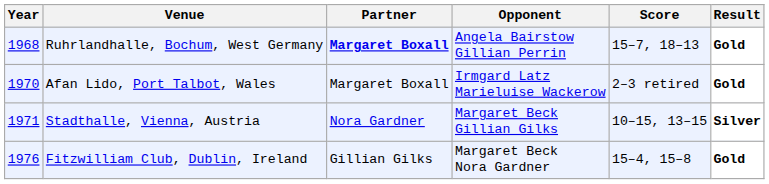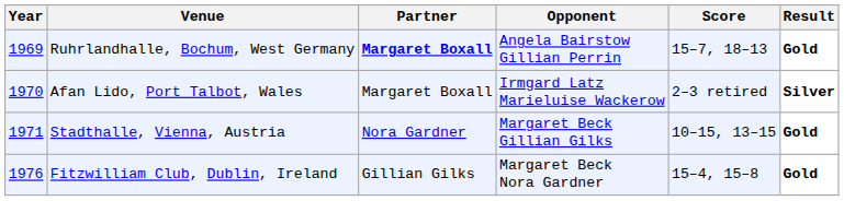 <table class="sortable wikitable" style="font-size: 90%;">
 <tr>
 <th>Year</th>
 <th>Venue</th>
 <th>Partner</th>
 <th>Opponent</th>
 <th>Score</th>
 <th>Result</th>
 </tr>
 <tr style="background:#ECF2FF">
-<td align="center"><a href='#'>1968</a></td>
+<td align="center"><a href='#'>1969</a></td>
 <td align="left">Ruhrlandhalle, <a href='#'>Bochum</a>, West Germany</td>
 <td align="left"><strong> <a href='#'>Margaret Boxall</a></strong></td>
 <td align="left"> <a href='#'>Angela Bairstow</a><br> <a href='#'>Gillian Perrin</a></td>
 <td align="left">15–7, 18–13</td>
 <td style="text-align:left; background:white"> <strong>Gold</strong></td>
 </tr>
 <tr style="background:#ECF2FF">
 <td align="center"><a href='#'>1970</a></td>
 <td align="left">Afan Lido, <a href='#'>Port Talbot</a>, Wales</td>
 <td align="left"> Margaret Boxall</td>
 <td align="left"> <a href='#'>Irmgard Latz</a><br> <a href='#'>Marieluise Wackerow</a></td>
 <td align="left">2–3 retired</td>
-<td style="text-align:left; background:white"> <strong>Gold</strong></td>
+<td style="text-align:left; background:white"> <strong>Silver</strong></td>
 </tr>
 <tr style="background:#ECF2FF">
 <td align="center"><a href='#'>1971</a></td>
 <td align="left"><a href='#'>Stadthalle</a>, <a href='#'>Vienna</a>, Austria</td>
 <td align="left"> <a href='#'>Nora Gardner</a></td>
 <td align="left"> <a href='#'>Margaret Beck</a><br> <a href='#'>Gillian Gilks</a></td>
 <td align="left">10–15, 13–15</td>
-<td style="text-align:left; background:white"> <strong>Silver</strong></td>
+<td style="text-align:left; background:white"> <strong>Gold</strong></td>
 </tr>
 <tr style="background:#ECF2FF">
 <td align="center"><a href='#'>1976</a></td>
 <td align="left"><a href='#'>Fitzwilliam Club</a>, <a href='#'>Dublin</a>, Ireland</td>
 <td align="left"> Gillian Gilks</td>
 <td align="left"> Margaret Beck<br> Nora Gardner</td>
 <td align="left">15–4, 15–8</td>
 <td style="text-align:left; background:white"> <strong>Gold</strong></td>
 </tr>
 </table>
